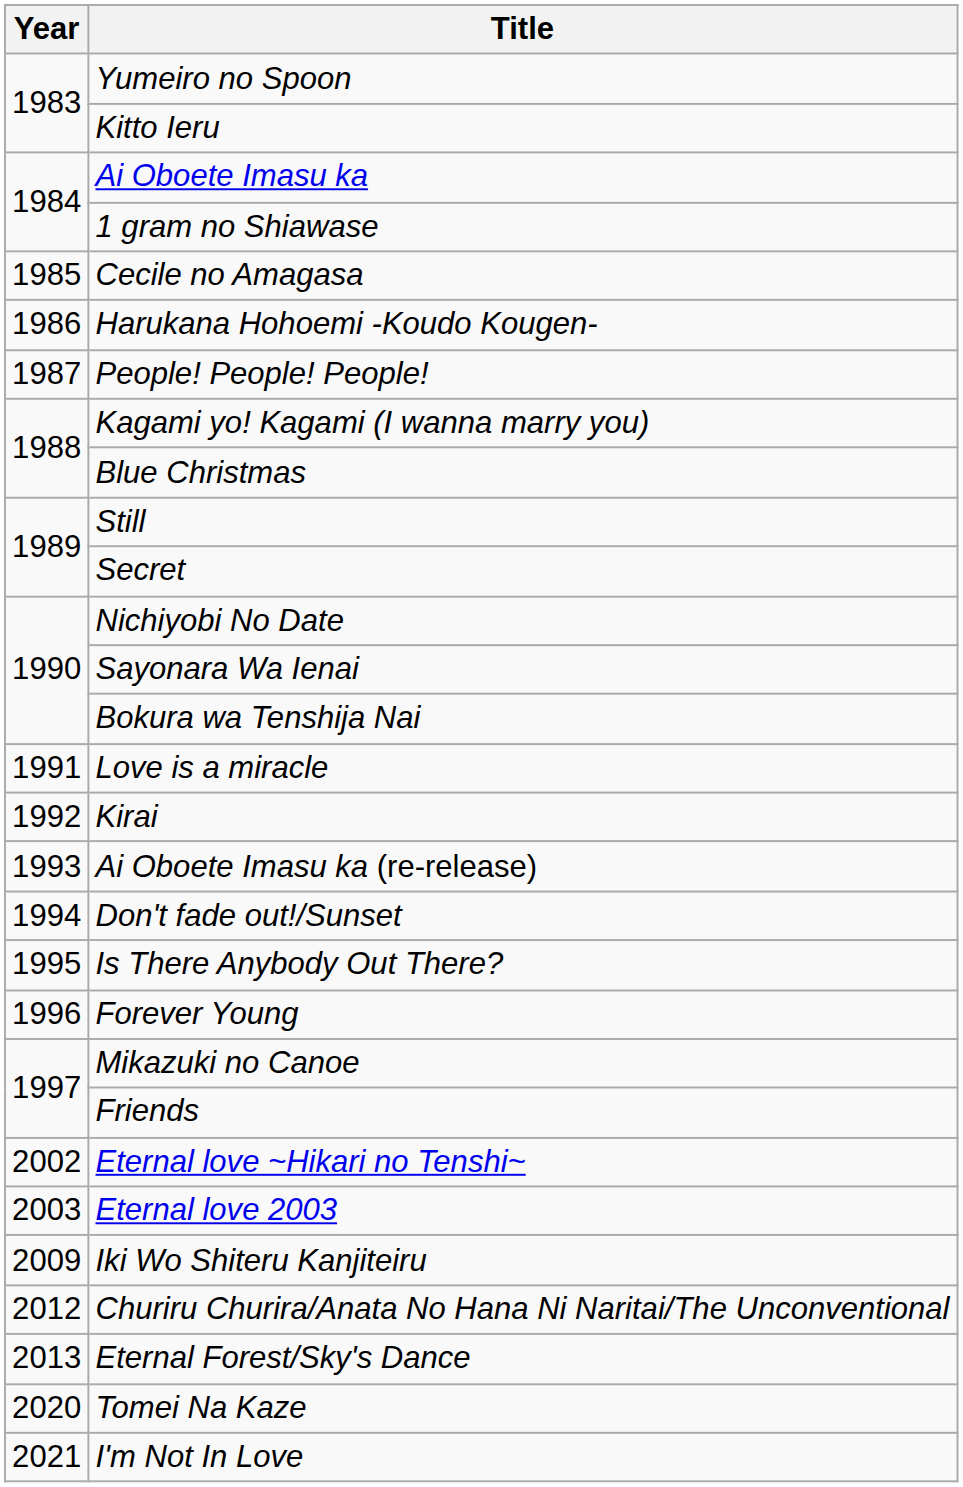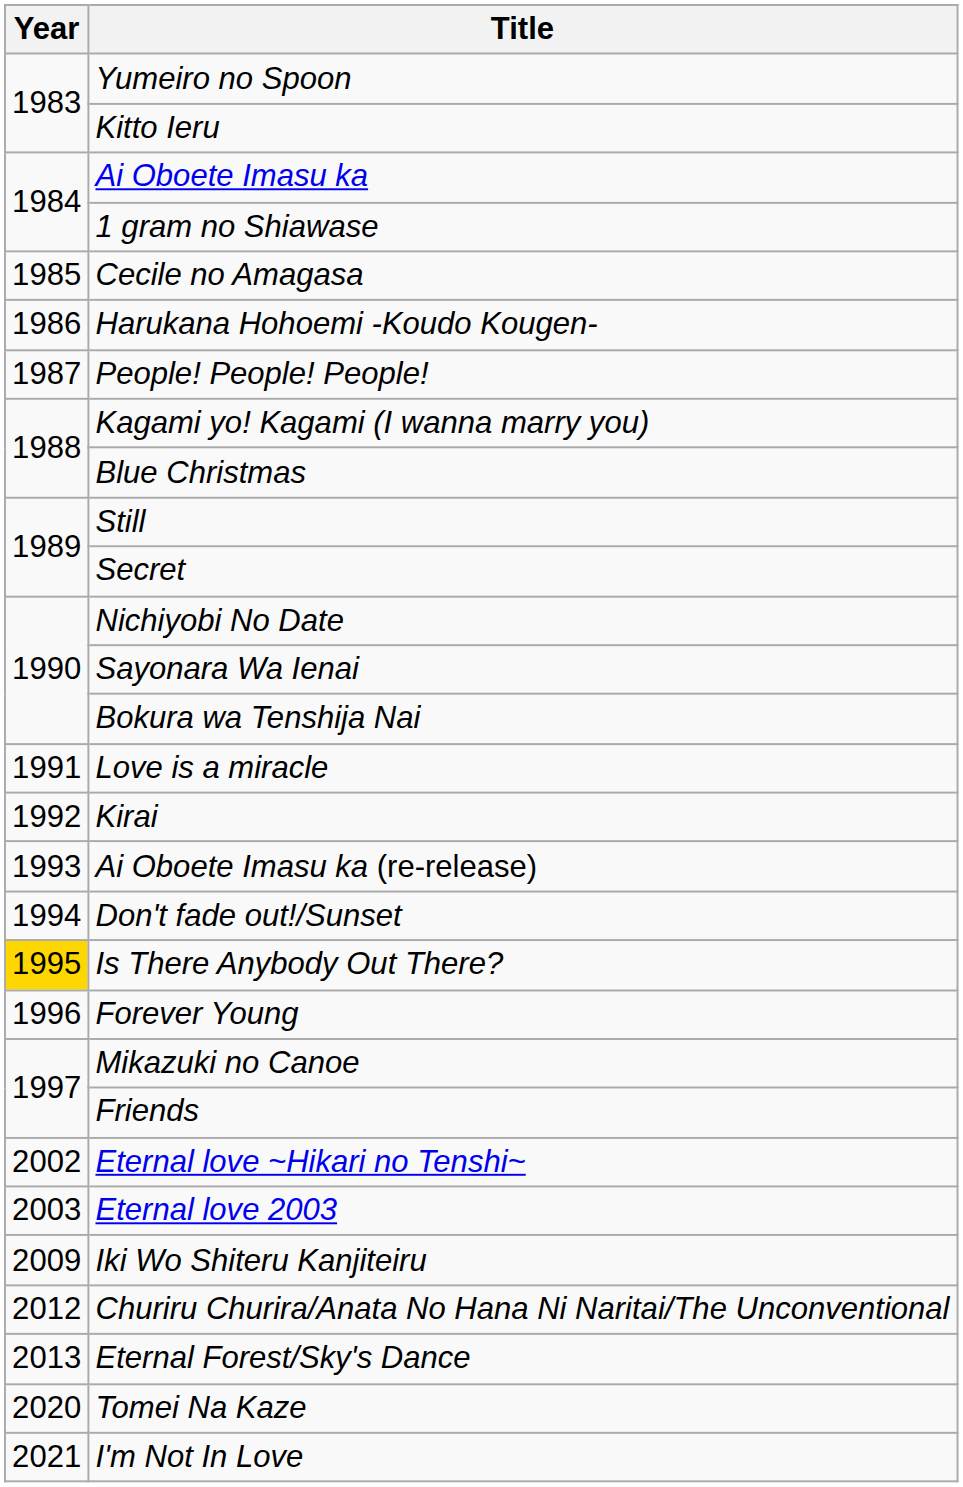 <table class="wikitable sortable">
 <tr>
 <th>Year</th>
 <th>Title</th>
 </tr>
 <tr>
 <td rowspan="2">1983</td>
 <td><em>Yumeiro no Spoon</em></td>
 </tr>
 <tr>
 <td><em>Kitto Ieru</em></td>
 </tr>
 <tr>
 <td rowspan="2">1984</td>
 <td><em><a href='#'>Ai Oboete Imasu ka</a></em></td>
 </tr>
 <tr>
 <td><em>1 gram no Shiawase</em></td>
 </tr>
 <tr>
 <td>1985</td>
 <td><em>Cecile no Amagasa</em></td>
 </tr>
 <tr>
 <td>1986</td>
 <td><em>Harukana Hohoemi -Koudo Kougen-</em></td>
 </tr>
 <tr>
 <td>1987</td>
 <td><em>People! People! People!</em></td>
 </tr>
 <tr>
 <td rowspan="2">1988</td>
 <td><em>Kagami yo! Kagami (I wanna marry you)</em></td>
 </tr>
 <tr>
 <td><em>Blue Christmas</em></td>
 </tr>
 <tr>
 <td rowspan="2">1989</td>
 <td><em>Still</em></td>
 </tr>
 <tr>
 <td><em>Secret</em></td>
 </tr>
 <tr>
 <td rowspan="3">1990</td>
 <td><em>Nichiyobi No Date</em></td>
 </tr>
 <tr>
 <td><em>Sayonara Wa Ienai</em></td>
 </tr>
 <tr>
 <td><em>Bokura wa Tenshija Nai</em></td>
 </tr>
 <tr>
 <td>1991</td>
 <td><em>Love is a miracle</em></td>
 </tr>
 <tr>
 <td>1992</td>
 <td><em>Kirai</em></td>
 </tr>
 <tr>
 <td>1993</td>
 <td><em>Ai Oboete Imasu ka</em> (re-release)</td>
 </tr>
 <tr>
 <td>1994</td>
 <td><em>Don't fade out!/Sunset</em></td>
 </tr>
 <tr>
-<td>1995</td>
+<td style="background: gold;">1995</td>
 <td><em>Is There Anybody Out There?</em></td>
 </tr>
 <tr>
 <td>1996</td>
 <td><em>Forever Young</em></td>
 </tr>
 <tr>
 <td rowspan="2">1997</td>
 <td><em>Mikazuki no Canoe</em></td>
 </tr>
 <tr>
 <td><em>Friends</em></td>
 </tr>
 <tr>
 <td>2002</td>
 <td><em><a href='#'>Eternal love ~Hikari no Tenshi~</a></em></td>
 </tr>
 <tr>
 <td>2003</td>
 <td><em><a href='#'>Eternal love 2003</a></em></td>
 </tr>
 <tr>
 <td>2009</td>
 <td><em>Iki Wo Shiteru Kanjiteiru</em></td>
 </tr>
 <tr>
 <td>2012</td>
 <td><em>Churiru Churira/Anata No Hana Ni Naritai/The Unconventional</em></td>
 </tr>
 <tr>
 <td>2013</td>
 <td><em>Eternal Forest/Sky's Dance</em></td>
 </tr>
 <tr>
 <td>2020</td>
 <td><em>Tomei Na Kaze</em></td>
 </tr>
 <tr>
 <td>2021</td>
 <td><em>I'm Not In Love</em></td>
 </tr>
 </table>
